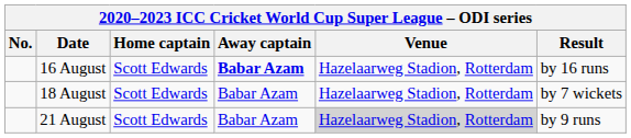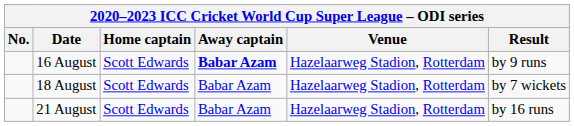 <table class="wikitable">
 <tr>
 <th colspan="9"><a href='#'>2020–2023 ICC Cricket World Cup Super League</a> – ODI series</th>
 </tr>
 <tr>
 <th>No.</th>
 <th>Date</th>
 <th>Home captain</th>
 <th>Away captain</th>
 <th>Venue</th>
 <th>Result</th>
 </tr>
 <tr>
 <td></td>
 <td>16 August</td>
 <td><a href='#'>Scott Edwards</a></td>
 <td><strong><a href='#'>Babar Azam</a></strong></td>
 <td><a href='#'>Hazelaarweg Stadion</a>, <a href='#'>Rotterdam</a></td>
-<td> by 16 runs</td>
+<td> by 9 runs</td>
 </tr>
 <tr>
 <td></td>
 <td>18 August</td>
 <td><a href='#'>Scott Edwards</a></td>
 <td><a href='#'>Babar Azam</a></td>
 <td><a href='#'>Hazelaarweg Stadion</a>, <a href='#'>Rotterdam</a></td>
 <td> by 7 wickets</td>
 </tr>
 <tr>
 <td></td>
 <td>21 August</td>
 <td><a href='#'>Scott Edwards</a></td>
 <td><a href='#'>Babar Azam</a></td>
-<td style="background: lightgrey;"><a href='#'>Hazelaarweg Stadion</a>, <a href='#'>Rotterdam</a></td>
-<td> by 9 runs</td>
+<td><a href='#'>Hazelaarweg Stadion</a>, <a href='#'>Rotterdam</a></td>
+<td> by 16 runs</td>
 </tr>
 </table>
